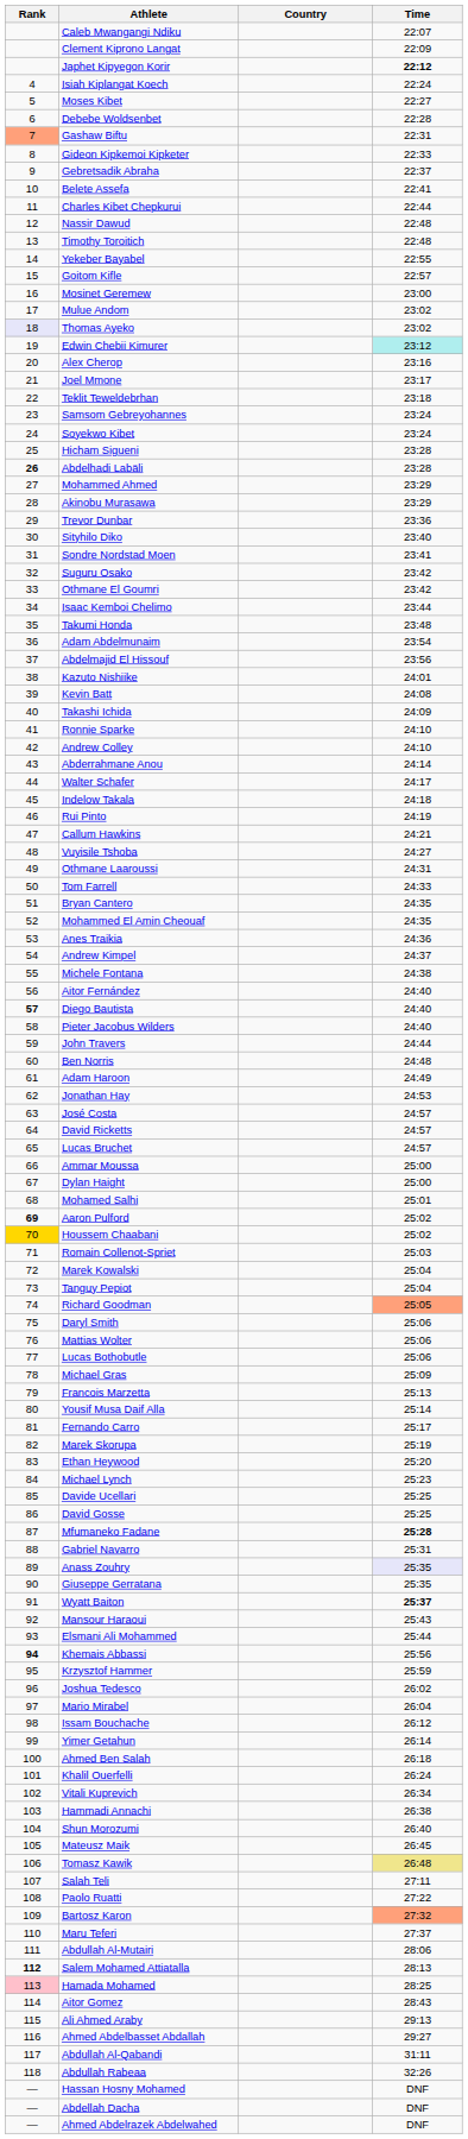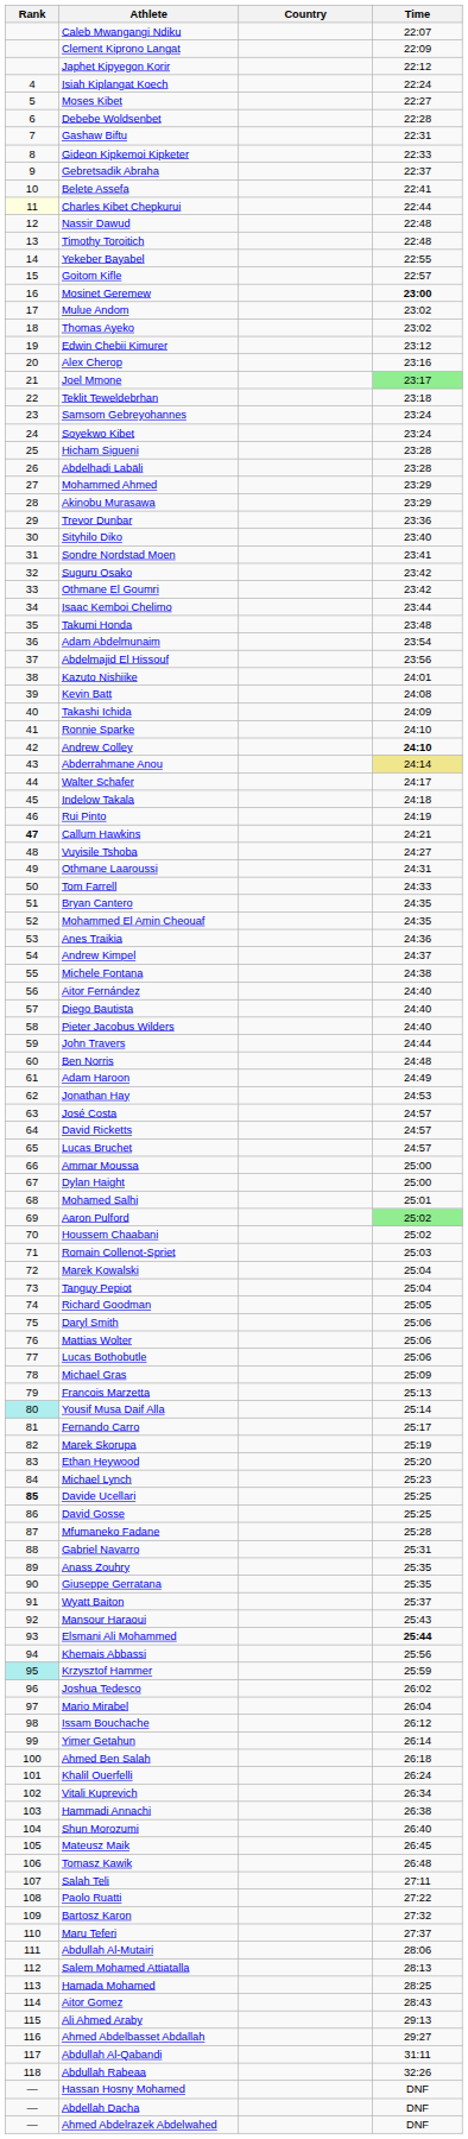 <table class="wikitable sortable" style=" text-align:center; font-size:95%;" width="50%">
 <tr>
 <th width=5%>Rank</th>
 <th width=20%>Athlete</th>
 <th width=15%>Country</th>
 <th width=10%>Time</th>
 </tr>
 <tr>
 <td align=center></td>
 <td align=left><a href='#'>Caleb Mwangangi Ndiku</a></td>
 <td align=left></td>
 <td>22:07</td>
 </tr>
 <tr>
 <td align=center></td>
 <td align=left><a href='#'>Clement Kiprono Langat</a></td>
 <td align=left></td>
 <td>22:09</td>
 </tr>
 <tr>
 <td align=center></td>
 <td align=left><a href='#'>Japhet Kipyegon Korir</a></td>
 <td align=left></td>
-<td><strong>22:12</strong></td>
+<td>22:12</td>
 </tr>
 <tr>
 <td align=center>4</td>
 <td align=left><a href='#'>Isiah Kiplangat Koech</a></td>
 <td align=left></td>
 <td>22:24</td>
 </tr>
 <tr>
 <td align=center>5</td>
 <td align=left><a href='#'>Moses Kibet</a></td>
 <td align=left></td>
 <td>22:27</td>
 </tr>
 <tr>
 <td align=center>6</td>
 <td align=left><a href='#'>Debebe Woldsenbet</a></td>
 <td align=left></td>
 <td>22:28</td>
 </tr>
 <tr>
-<td align=center style="background: lightsalmon;">7</td>
+<td align=center>7</td>
 <td align=left><a href='#'>Gashaw Biftu</a></td>
 <td align=left></td>
 <td>22:31</td>
 </tr>
 <tr>
 <td align=center>8</td>
 <td align=left><a href='#'>Gideon Kipkemoi Kipketer</a></td>
 <td align=left></td>
 <td>22:33</td>
 </tr>
 <tr>
 <td align=center>9</td>
 <td align=left><a href='#'>Gebretsadik Abraha</a></td>
 <td align=left></td>
 <td>22:37</td>
 </tr>
 <tr>
 <td align=center>10</td>
 <td align=left><a href='#'>Belete Assefa</a></td>
 <td align=left></td>
 <td>22:41</td>
 </tr>
 <tr>
-<td align=center>11</td>
+<td align=center style="background: lightyellow;">11</td>
 <td align=left><a href='#'>Charles Kibet Chepkurui</a></td>
 <td align=left></td>
 <td>22:44</td>
 </tr>
 <tr>
 <td align=center>12</td>
 <td align=left><a href='#'>Nassir Dawud</a></td>
 <td align=left></td>
 <td>22:48</td>
 </tr>
 <tr>
 <td align=center>13</td>
 <td align=left><a href='#'>Timothy Toroitich</a></td>
 <td align=left></td>
 <td>22:48</td>
 </tr>
 <tr>
 <td align=center>14</td>
 <td align=left><a href='#'>Yekeber Bayabel</a></td>
 <td align=left></td>
 <td>22:55</td>
 </tr>
 <tr>
 <td align=center>15</td>
 <td align=left><a href='#'>Goitom Kifle</a></td>
 <td align=left></td>
 <td>22:57</td>
 </tr>
 <tr>
 <td align=center>16</td>
 <td align=left><a href='#'>Mosinet Geremew</a></td>
 <td align=left></td>
-<td>23:00</td>
+<td><strong>23:00</strong></td>
 </tr>
 <tr>
 <td align=center>17</td>
 <td align=left><a href='#'>Mulue Andom</a></td>
 <td align=left></td>
 <td>23:02</td>
 </tr>
 <tr>
-<td align=center style="background: lavender;">18</td>
+<td align=center>18</td>
 <td align=left><a href='#'>Thomas Ayeko</a></td>
 <td align=left></td>
 <td>23:02</td>
 </tr>
 <tr>
 <td align=center>19</td>
 <td align=left><a href='#'>Edwin Chebii Kimurer</a></td>
 <td align=left></td>
-<td style="background: paleturquoise;">23:12</td>
+<td>23:12</td>
 </tr>
 <tr>
 <td align=center>20</td>
 <td align=left><a href='#'>Alex Cherop</a></td>
 <td align=left></td>
 <td>23:16</td>
 </tr>
 <tr>
 <td align=center>21</td>
 <td align=left><a href='#'>Joel Mmone</a></td>
 <td align=left></td>
-<td>23:17</td>
+<td style="background: lightgreen;">23:17</td>
 </tr>
 <tr>
 <td align=center>22</td>
 <td align=left><a href='#'>Teklit Teweldebrhan</a></td>
 <td align=left></td>
 <td>23:18</td>
 </tr>
 <tr>
 <td align=center>23</td>
 <td align=left><a href='#'>Samsom Gebreyohannes</a></td>
 <td align=left></td>
 <td>23:24</td>
 </tr>
 <tr>
 <td align=center>24</td>
 <td align=left><a href='#'>Soyekwo Kibet</a></td>
 <td align=left></td>
 <td>23:24</td>
 </tr>
 <tr>
 <td align=center>25</td>
 <td align=left><a href='#'>Hicham Sigueni</a></td>
 <td align=left></td>
 <td>23:28</td>
 </tr>
 <tr>
-<td align=center><strong>26</strong></td>
+<td align=center>26</td>
 <td align=left><a href='#'>Abdelhadi Labäli</a></td>
 <td align=left></td>
 <td>23:28</td>
 </tr>
 <tr>
 <td align=center>27</td>
 <td align=left><a href='#'>Mohammed Ahmed</a></td>
 <td align=left></td>
 <td>23:29</td>
 </tr>
 <tr>
 <td align=center>28</td>
 <td align=left><a href='#'>Akinobu Murasawa</a></td>
 <td align=left></td>
 <td>23:29</td>
 </tr>
 <tr>
 <td align=center>29</td>
 <td align=left><a href='#'>Trevor Dunbar</a></td>
 <td align=left></td>
 <td>23:36</td>
 </tr>
 <tr>
 <td align=center>30</td>
 <td align=left><a href='#'>Sityhilo Diko</a></td>
 <td align=left></td>
 <td>23:40</td>
 </tr>
 <tr>
 <td align=center>31</td>
 <td align=left><a href='#'>Sondre Nordstad Moen</a></td>
 <td align=left></td>
 <td>23:41</td>
 </tr>
 <tr>
 <td align=center>32</td>
 <td align=left><a href='#'>Suguru Osako</a></td>
 <td align=left></td>
 <td>23:42</td>
 </tr>
 <tr>
 <td align=center>33</td>
 <td align=left><a href='#'>Othmane El Goumri</a></td>
 <td align=left></td>
 <td>23:42</td>
 </tr>
 <tr>
 <td align=center>34</td>
 <td align=left><a href='#'>Isaac Kemboi Chelimo</a></td>
 <td align=left></td>
 <td>23:44</td>
 </tr>
 <tr>
 <td align=center>35</td>
 <td align=left><a href='#'>Takumi Honda</a></td>
 <td align=left></td>
 <td>23:48</td>
 </tr>
 <tr>
 <td align=center>36</td>
 <td align=left><a href='#'>Adam Abdelmunaim</a></td>
 <td align=left></td>
 <td>23:54</td>
 </tr>
 <tr>
 <td align=center>37</td>
 <td align=left><a href='#'>Abdelmajid El Hissouf</a></td>
 <td align=left></td>
 <td>23:56</td>
 </tr>
 <tr>
 <td align=center>38</td>
 <td align=left><a href='#'>Kazuto Nishiike</a></td>
 <td align=left></td>
 <td>24:01</td>
 </tr>
 <tr>
 <td align=center>39</td>
 <td align=left><a href='#'>Kevin Batt</a></td>
 <td align=left></td>
 <td>24:08</td>
 </tr>
 <tr>
 <td align=center>40</td>
 <td align=left><a href='#'>Takashi Ichida</a></td>
 <td align=left></td>
 <td>24:09</td>
 </tr>
 <tr>
 <td align=center>41</td>
 <td align=left><a href='#'>Ronnie Sparke</a></td>
 <td align=left></td>
 <td>24:10</td>
 </tr>
 <tr>
 <td align=center>42</td>
 <td align=left><a href='#'>Andrew Colley</a></td>
 <td align=left></td>
-<td>24:10</td>
+<td><strong>24:10</strong></td>
 </tr>
 <tr>
 <td align=center>43</td>
 <td align=left><a href='#'>Abderrahmane Anou</a></td>
 <td align=left></td>
-<td>24:14</td>
+<td style="background: khaki;">24:14</td>
 </tr>
 <tr>
 <td align=center>44</td>
 <td align=left><a href='#'>Walter Schafer</a></td>
 <td align=left></td>
 <td>24:17</td>
 </tr>
 <tr>
 <td align=center>45</td>
 <td align=left><a href='#'>Indelow Takala</a></td>
 <td align=left></td>
 <td>24:18</td>
 </tr>
 <tr>
 <td align=center>46</td>
 <td align=left><a href='#'>Rui Pinto</a></td>
 <td align=left></td>
 <td>24:19</td>
 </tr>
 <tr>
-<td align=center>47</td>
+<td align=center><strong>47</strong></td>
 <td align=left><a href='#'>Callum Hawkins</a></td>
 <td align=left></td>
 <td>24:21</td>
 </tr>
 <tr>
 <td align=center>48</td>
 <td align=left><a href='#'>Vuyisile Tshoba</a></td>
 <td align=left></td>
 <td>24:27</td>
 </tr>
 <tr>
 <td align=center>49</td>
 <td align=left><a href='#'>Othmane Laaroussi</a></td>
 <td align=left></td>
 <td>24:31</td>
 </tr>
 <tr>
 <td align=center>50</td>
 <td align=left><a href='#'>Tom Farrell</a></td>
 <td align=left></td>
 <td>24:33</td>
 </tr>
 <tr>
 <td align=center>51</td>
 <td align=left><a href='#'>Bryan Cantero</a></td>
 <td align=left></td>
 <td>24:35</td>
 </tr>
 <tr>
 <td align=center>52</td>
 <td align=left><a href='#'>Mohammed El Amin Cheouaf</a></td>
 <td align=left></td>
 <td>24:35</td>
 </tr>
 <tr>
 <td align=center>53</td>
 <td align=left><a href='#'>Anes Traikia</a></td>
 <td align=left></td>
 <td>24:36</td>
 </tr>
 <tr>
 <td align=center>54</td>
 <td align=left><a href='#'>Andrew Kimpel</a></td>
 <td align=left></td>
 <td>24:37</td>
 </tr>
 <tr>
 <td align=center>55</td>
 <td align=left><a href='#'>Michele Fontana</a></td>
 <td align=left></td>
 <td>24:38</td>
 </tr>
 <tr>
 <td align=center>56</td>
 <td align=left><a href='#'>Aitor Fernández</a></td>
 <td align=left></td>
 <td>24:40</td>
 </tr>
 <tr>
-<td align=center><strong>57</strong></td>
+<td align=center>57</td>
 <td align=left><a href='#'>Diego Bautista</a></td>
 <td align=left></td>
 <td>24:40</td>
 </tr>
 <tr>
 <td align=center>58</td>
 <td align=left><a href='#'>Pieter Jacobus Wilders</a></td>
 <td align=left></td>
 <td>24:40</td>
 </tr>
 <tr>
 <td align=center>59</td>
 <td align=left><a href='#'>John Travers</a></td>
 <td align=left></td>
 <td>24:44</td>
 </tr>
 <tr>
 <td align=center>60</td>
 <td align=left><a href='#'>Ben Norris</a></td>
 <td align=left></td>
 <td>24:48</td>
 </tr>
 <tr>
 <td align=center>61</td>
 <td align=left><a href='#'>Adam Haroon</a></td>
 <td align=left></td>
 <td>24:49</td>
 </tr>
 <tr>
 <td align=center>62</td>
 <td align=left><a href='#'>Jonathan Hay</a></td>
 <td align=left></td>
 <td>24:53</td>
 </tr>
 <tr>
 <td align=center>63</td>
 <td align=left><a href='#'>José Costa</a></td>
 <td align=left></td>
 <td>24:57</td>
 </tr>
 <tr>
 <td align=center>64</td>
 <td align=left><a href='#'>David Ricketts</a></td>
 <td align=left></td>
 <td>24:57</td>
 </tr>
 <tr>
 <td align=center>65</td>
 <td align=left><a href='#'>Lucas Bruchet</a></td>
 <td align=left></td>
 <td>24:57</td>
 </tr>
 <tr>
 <td align=center>66</td>
 <td align=left><a href='#'>Ammar Moussa</a></td>
 <td align=left></td>
 <td>25:00</td>
 </tr>
 <tr>
 <td align=center>67</td>
 <td align=left><a href='#'>Dylan Haight</a></td>
 <td align=left></td>
 <td>25:00</td>
 </tr>
 <tr>
 <td align=center>68</td>
 <td align=left><a href='#'>Mohamed Salhi</a></td>
 <td align=left></td>
 <td>25:01</td>
 </tr>
 <tr>
-<td align=center><strong>69</strong></td>
+<td align=center>69</td>
 <td align=left><a href='#'>Aaron Pulford</a></td>
 <td align=left></td>
-<td>25:02</td>
+<td style="background: lightgreen;">25:02</td>
 </tr>
 <tr>
-<td align=center style="background: gold;">70</td>
+<td align=center>70</td>
 <td align=left><a href='#'>Houssem Chaabani</a></td>
 <td align=left></td>
 <td>25:02</td>
 </tr>
 <tr>
 <td align=center>71</td>
 <td align=left><a href='#'>Romain Collenot-Spriet</a></td>
 <td align=left></td>
 <td>25:03</td>
 </tr>
 <tr>
 <td align=center>72</td>
 <td align=left><a href='#'>Marek Kowalski</a></td>
 <td align=left></td>
 <td>25:04</td>
 </tr>
 <tr>
 <td align=center>73</td>
 <td align=left><a href='#'>Tanguy Pepiot</a></td>
 <td align=left></td>
 <td>25:04</td>
 </tr>
 <tr>
 <td align=center>74</td>
 <td align=left><a href='#'>Richard Goodman</a></td>
 <td align=left></td>
-<td style="background: lightsalmon;">25:05</td>
+<td>25:05</td>
 </tr>
 <tr>
 <td align=center>75</td>
 <td align=left><a href='#'>Daryl Smith</a></td>
 <td align=left></td>
 <td>25:06</td>
 </tr>
 <tr>
 <td align=center>76</td>
 <td align=left><a href='#'>Mattias Wolter</a></td>
 <td align=left></td>
 <td>25:06</td>
 </tr>
 <tr>
 <td align=center>77</td>
 <td align=left><a href='#'>Lucas Bothobutle</a></td>
 <td align=left></td>
 <td>25:06</td>
 </tr>
 <tr>
 <td align=center>78</td>
 <td align=left><a href='#'>Michael Gras</a></td>
 <td align=left></td>
 <td>25:09</td>
 </tr>
 <tr>
 <td align=center>79</td>
 <td align=left><a href='#'>Francois Marzetta</a></td>
 <td align=left></td>
 <td>25:13</td>
 </tr>
 <tr>
-<td align=center>80</td>
+<td align=center style="background: paleturquoise;">80</td>
 <td align=left><a href='#'>Yousif Musa Daif Alla</a></td>
 <td align=left></td>
 <td>25:14</td>
 </tr>
 <tr>
 <td align=center>81</td>
 <td align=left><a href='#'>Fernando Carro</a></td>
 <td align=left></td>
 <td>25:17</td>
 </tr>
 <tr>
 <td align=center>82</td>
 <td align=left><a href='#'>Marek Skorupa</a></td>
 <td align=left></td>
 <td>25:19</td>
 </tr>
 <tr>
 <td align=center>83</td>
 <td align=left><a href='#'>Ethan Heywood</a></td>
 <td align=left></td>
 <td>25:20</td>
 </tr>
 <tr>
 <td align=center>84</td>
 <td align=left><a href='#'>Michael Lynch</a></td>
 <td align=left></td>
 <td>25:23</td>
 </tr>
 <tr>
-<td align=center>85</td>
+<td align=center><strong>85</strong></td>
 <td align=left><a href='#'>Davide Ucellari</a></td>
 <td align=left></td>
 <td>25:25</td>
 </tr>
 <tr>
 <td align=center>86</td>
 <td align=left><a href='#'>David Gosse</a></td>
 <td align=left></td>
 <td>25:25</td>
 </tr>
 <tr>
 <td align=center>87</td>
 <td align=left><a href='#'>Mfumaneko Fadane</a></td>
 <td align=left></td>
-<td><strong>25:28</strong></td>
+<td>25:28</td>
 </tr>
 <tr>
 <td align=center>88</td>
 <td align=left><a href='#'>Gabriel Navarro</a></td>
 <td align=left></td>
 <td>25:31</td>
 </tr>
 <tr>
 <td align=center>89</td>
 <td align=left><a href='#'>Anass Zouhry</a></td>
 <td align=left></td>
-<td style="background: lavender;">25:35</td>
+<td>25:35</td>
 </tr>
 <tr>
 <td align=center>90</td>
 <td align=left><a href='#'>Giuseppe Gerratana</a></td>
 <td align=left></td>
 <td>25:35</td>
 </tr>
 <tr>
 <td align=center>91</td>
 <td align=left><a href='#'>Wyatt Baiton</a></td>
 <td align=left></td>
-<td><strong>25:37</strong></td>
+<td>25:37</td>
 </tr>
 <tr>
 <td align=center>92</td>
 <td align=left><a href='#'>Mansour Haraoui</a></td>
 <td align=left></td>
 <td>25:43</td>
 </tr>
 <tr>
 <td align=center>93</td>
 <td align=left><a href='#'>Elsmani Ali Mohammed</a></td>
 <td align=left></td>
-<td>25:44</td>
+<td><strong>25:44</strong></td>
 </tr>
 <tr>
-<td align=center><strong>94</strong></td>
+<td align=center>94</td>
 <td align=left><a href='#'>Khemais Abbassi</a></td>
 <td align=left></td>
 <td>25:56</td>
 </tr>
 <tr>
-<td align=center>95</td>
+<td align=center style="background: paleturquoise;">95</td>
 <td align=left><a href='#'>Krzysztof Hammer</a></td>
 <td align=left></td>
 <td>25:59</td>
 </tr>
 <tr>
 <td align=center>96</td>
 <td align=left><a href='#'>Joshua Tedesco</a></td>
 <td align=left></td>
 <td>26:02</td>
 </tr>
 <tr>
 <td align=center>97</td>
 <td align=left><a href='#'>Mario Mirabel</a></td>
 <td align=left></td>
 <td>26:04</td>
 </tr>
 <tr>
 <td align=center>98</td>
 <td align=left><a href='#'>Issam Bouchache</a></td>
 <td align=left></td>
 <td>26:12</td>
 </tr>
 <tr>
 <td align=center>99</td>
 <td align=left><a href='#'>Yimer Getahun</a></td>
 <td align=left></td>
 <td>26:14</td>
 </tr>
 <tr>
 <td align=center>100</td>
 <td align=left><a href='#'>Ahmed Ben Salah</a></td>
 <td align=left></td>
 <td>26:18</td>
 </tr>
 <tr>
 <td align=center>101</td>
 <td align=left><a href='#'>Khalil Ouerfelli</a></td>
 <td align=left></td>
 <td>26:24</td>
 </tr>
 <tr>
 <td align=center>102</td>
 <td align=left><a href='#'>Vitali Kuprevich</a></td>
 <td align=left></td>
 <td>26:34</td>
 </tr>
 <tr>
 <td align=center>103</td>
 <td align=left><a href='#'>Hammadi Annachi</a></td>
 <td align=left></td>
 <td>26:38</td>
 </tr>
 <tr>
 <td align=center>104</td>
 <td align=left><a href='#'>Shun Morozumi</a></td>
 <td align=left></td>
 <td>26:40</td>
 </tr>
 <tr>
 <td align=center>105</td>
 <td align=left><a href='#'>Mateusz Maik</a></td>
 <td align=left></td>
 <td>26:45</td>
 </tr>
 <tr>
 <td align=center>106</td>
 <td align=left><a href='#'>Tomasz Kawik</a></td>
 <td align=left></td>
-<td style="background: khaki;">26:48</td>
+<td>26:48</td>
 </tr>
 <tr>
 <td align=center>107</td>
 <td align=left><a href='#'>Salah Teli</a></td>
 <td align=left></td>
 <td>27:11</td>
 </tr>
 <tr>
 <td align=center>108</td>
 <td align=left><a href='#'>Paolo Ruatti</a></td>
 <td align=left></td>
 <td>27:22</td>
 </tr>
 <tr>
 <td align=center>109</td>
 <td align=left><a href='#'>Bartosz Karon</a></td>
 <td align=left></td>
-<td style="background: lightsalmon;">27:32</td>
+<td>27:32</td>
 </tr>
 <tr>
 <td align=center>110</td>
 <td align=left><a href='#'>Maru Teferi</a></td>
 <td align=left></td>
 <td>27:37</td>
 </tr>
 <tr>
 <td align=center>111</td>
 <td align=left><a href='#'>Abdullah Al-Mutairi</a></td>
 <td align=left></td>
 <td>28:06</td>
 </tr>
 <tr>
-<td align=center><strong>112</strong></td>
+<td align=center>112</td>
 <td align=left><a href='#'>Salem Mohamed Attiatalla</a></td>
 <td align=left></td>
 <td>28:13</td>
 </tr>
 <tr>
-<td align=center style="background: pink;">113</td>
+<td align=center>113</td>
 <td align=left><a href='#'>Hamada Mohamed</a></td>
 <td align=left></td>
 <td>28:25</td>
 </tr>
 <tr>
 <td align=center>114</td>
 <td align=left><a href='#'>Aitor Gomez</a></td>
 <td align=left></td>
 <td>28:43</td>
 </tr>
 <tr>
 <td align=center>115</td>
 <td align=left><a href='#'>Ali Ahmed Araby</a></td>
 <td align=left></td>
 <td>29:13</td>
 </tr>
 <tr>
 <td align=center>116</td>
 <td align=left><a href='#'>Ahmed Abdelbasset Abdallah</a></td>
 <td align=left></td>
 <td>29:27</td>
 </tr>
 <tr>
 <td align=center>117</td>
 <td align=left><a href='#'>Abdullah Al-Qabandi</a></td>
 <td align=left></td>
 <td>31:11</td>
 </tr>
 <tr>
 <td align=center>118</td>
 <td align=left><a href='#'>Abdullah Rabeaa</a></td>
 <td align=left></td>
 <td>32:26</td>
 </tr>
 <tr>
 <td align=center>—</td>
 <td align=left><a href='#'>Hassan Hosny Mohamed</a></td>
 <td align=left></td>
 <td>DNF</td>
 </tr>
 <tr>
 <td align=center>—</td>
 <td align=left><a href='#'>Abdellah Dacha</a></td>
 <td align=left></td>
 <td>DNF</td>
 </tr>
 <tr>
 <td align=center>—</td>
 <td align=left><a href='#'>Ahmed Abdelrazek Abdelwahed</a></td>
 <td align=left></td>
 <td>DNF</td>
 </tr>
 </table>
